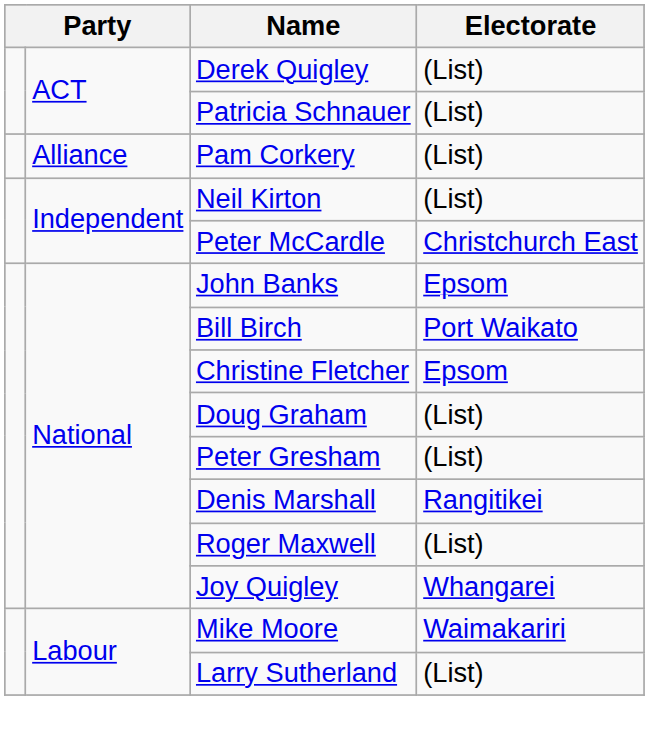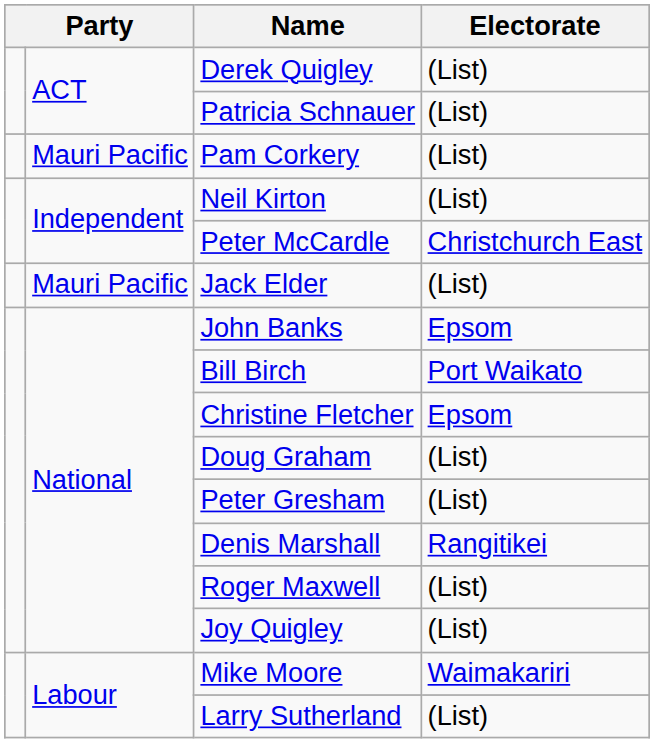 <table class="wikitable">
 <tr>
 <th colspan=2>Party</th>
 <th>Name</th>
 <th>Electorate</th>
 </tr>
 <tr>
 <td rowspan=2 width=5 style="background-color: "></td>
 <td rowspan=2><a href='#'>ACT</a></td>
 <td><a href='#'>Derek Quigley</a></td>
 <td>(List)</td>
 </tr>
 <tr>
 <td><a href='#'>Patricia Schnauer</a></td>
 <td>(List)</td>
 </tr>
 <tr>
 <td style="background-color: "></td>
-<td><a href='#'>Alliance</a></td>
+<td><a href='#'>Mauri Pacific</a></td>
 <td><a href='#'>Pam Corkery</a></td>
 <td>(List)</td>
 </tr>
 <tr>
 <td rowspan=2 style="background-color: "></td>
 <td rowspan=2><a href='#'>Independent</a></td>
 <td><a href='#'>Neil Kirton</a></td>
 <td>(List)</td>
 </tr>
 <tr>
 <td><a href='#'>Peter McCardle</a></td>
 <td><a href='#'>Christchurch East</a></td>
+</tr>
+<tr>
+<td style="background-color: "></td>
+<td><a href='#'>Mauri Pacific</a></td>
+<td><a href='#'>Jack Elder</a></td>
+<td>(List)</td>
 </tr>
 <tr>
 <td rowspan=8 style="background-color: "></td>
 <td rowspan=8><a href='#'>National</a></td>
 <td><a href='#'>John Banks</a></td>
 <td><a href='#'>Epsom</a></td>
 </tr>
 <tr>
 <td><a href='#'>Bill Birch</a></td>
 <td><a href='#'>Port Waikato</a></td>
 </tr>
 <tr>
 <td><a href='#'>Christine Fletcher</a></td>
 <td><a href='#'>Epsom</a></td>
 </tr>
 <tr>
 <td><a href='#'>Doug Graham</a></td>
 <td>(List)</td>
 </tr>
 <tr>
 <td><a href='#'>Peter Gresham</a></td>
 <td>(List)</td>
 </tr>
 <tr>
 <td><a href='#'>Denis Marshall</a></td>
 <td><a href='#'>Rangitikei</a></td>
 </tr>
 <tr>
 <td><a href='#'>Roger Maxwell</a></td>
 <td>(List)</td>
 </tr>
 <tr>
 <td><a href='#'>Joy Quigley</a></td>
-<td><a href='#'>Whangarei</a></td>
+<td>(List)</td>
 </tr>
 <tr>
 <td rowspan=2 style="background-color: "></td>
 <td rowspan=2><a href='#'>Labour</a></td>
 <td><a href='#'>Mike Moore</a></td>
 <td><a href='#'>Waimakariri</a></td>
 </tr>
 <tr>
 <td><a href='#'>Larry Sutherland</a></td>
 <td>(List)</td>
 </tr>
 </table>
